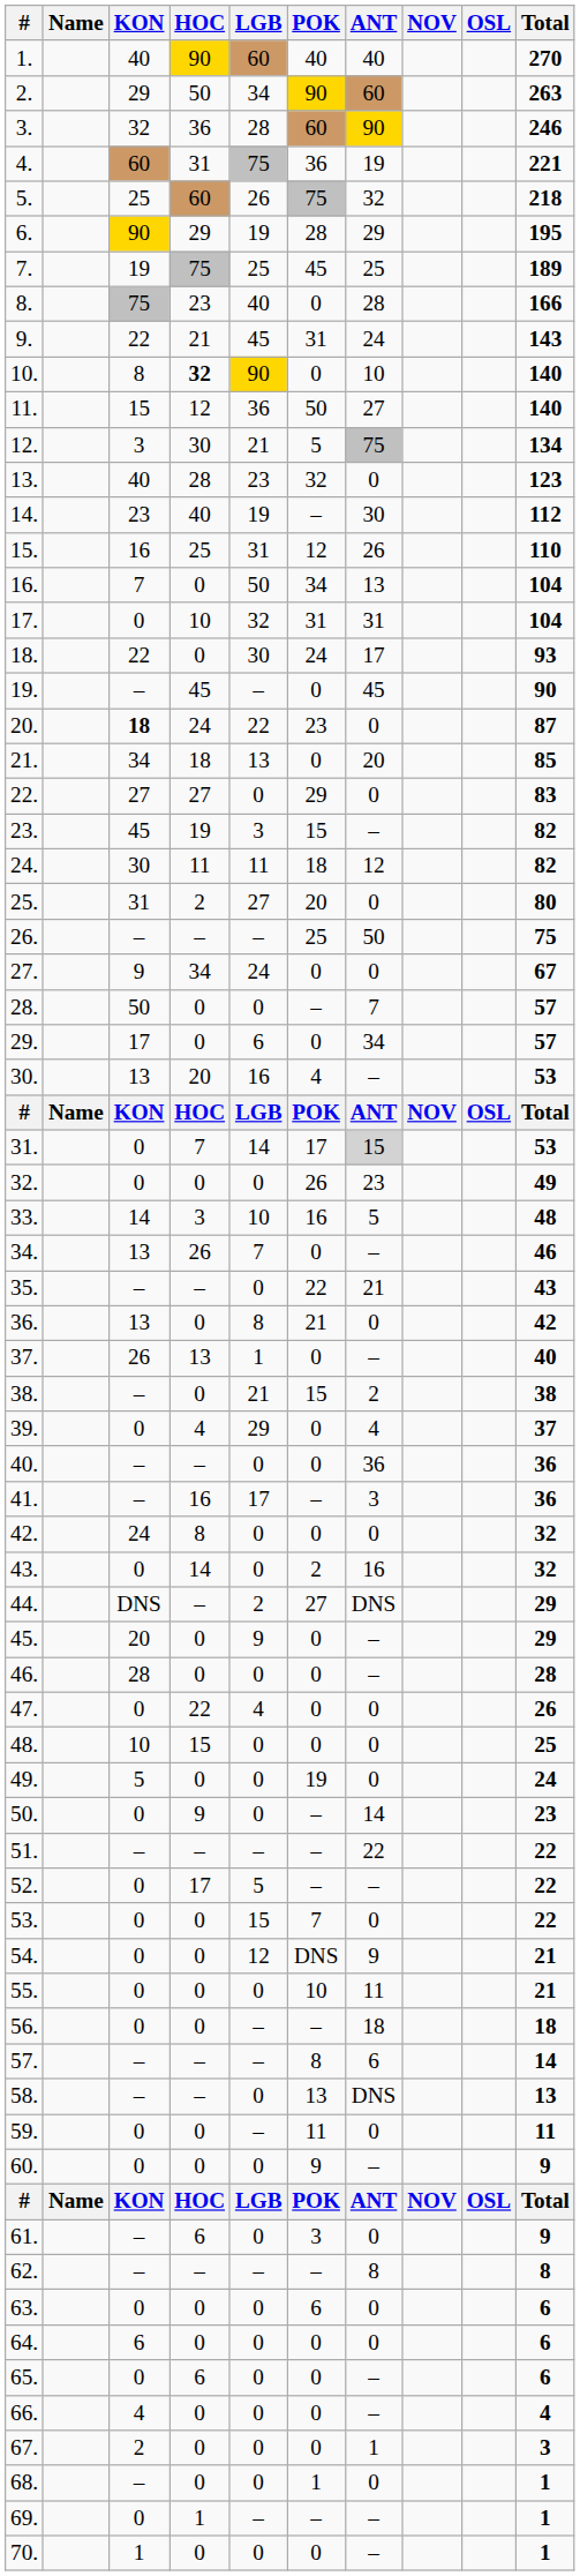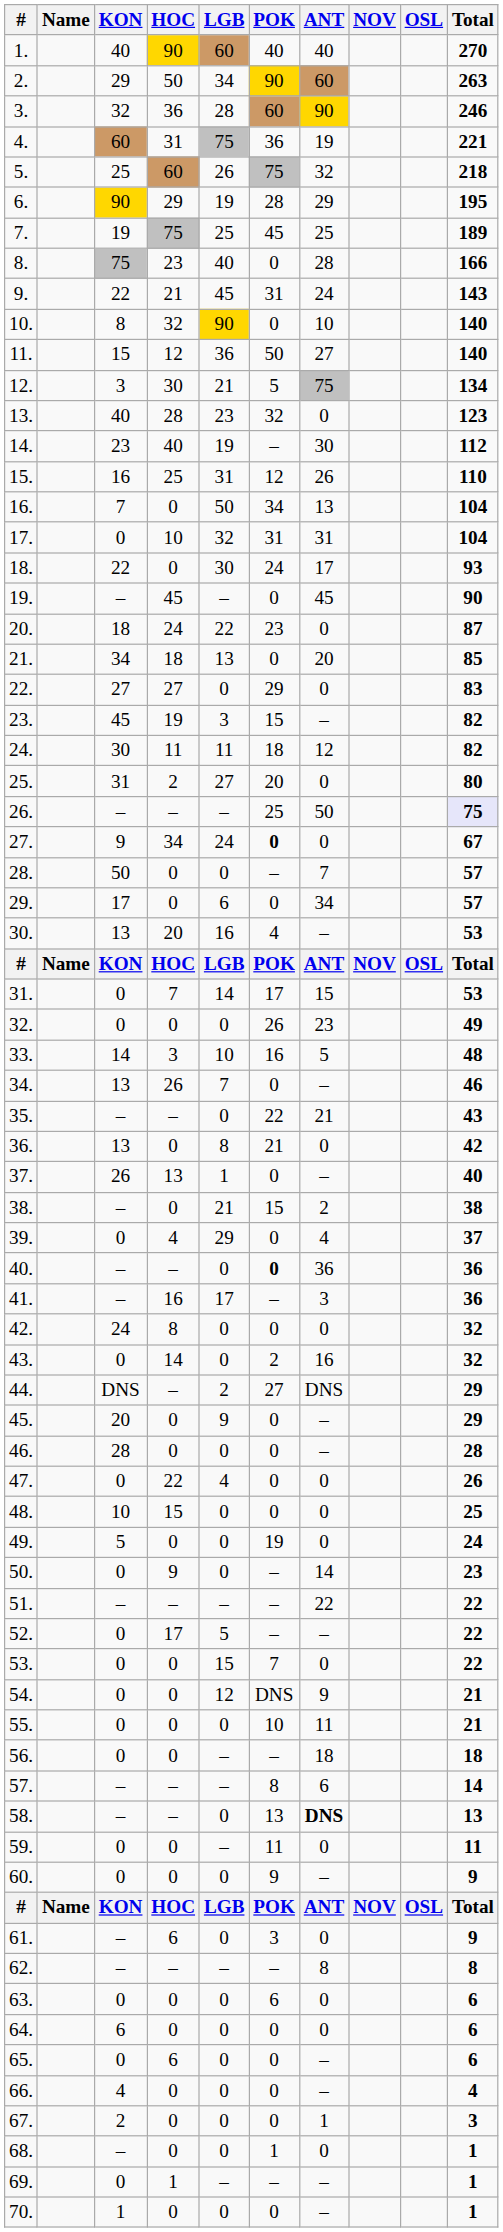 <table class="wikitable" style="text-align:center;">
 <tr>
 <th>#</th>
 <th>Name</th>
 <th><a href='#'>KON</a></th>
 <th><a href='#'>HOC</a></th>
 <th><a href='#'>LGB</a></th>
 <th><a href='#'>POK</a></th>
 <th><a href='#'>ANT</a></th>
 <th><a href='#'>NOV</a></th>
 <th><a href='#'>OSL</a></th>
 <th><strong>Total</strong></th>
 </tr>
 <tr>
 <td>1.</td>
 <td align="left"></td>
 <td>40</td>
 <td bgcolor="gold">90</td>
 <td bgcolor="CC9966">60</td>
 <td>40</td>
 <td>40</td>
 <td></td>
 <td></td>
 <td><strong>270</strong></td>
 </tr>
 <tr>
 <td>2.</td>
 <td align="left"></td>
 <td>29</td>
 <td>50</td>
 <td>34</td>
 <td bgcolor="gold">90</td>
 <td bgcolor="CC9966">60</td>
 <td></td>
 <td></td>
 <td><strong>263</strong></td>
 </tr>
 <tr>
 <td>3.</td>
 <td align="left"></td>
 <td>32</td>
 <td>36</td>
 <td>28</td>
 <td bgcolor="CC9966">60</td>
 <td bgcolor="gold">90</td>
 <td></td>
 <td></td>
 <td><strong>246</strong></td>
 </tr>
 <tr>
 <td>4.</td>
 <td align="left"></td>
 <td bgcolor="CC9966">60</td>
 <td>31</td>
 <td bgcolor="silver">75</td>
 <td>36</td>
 <td>19</td>
 <td></td>
 <td></td>
 <td><strong>221</strong></td>
 </tr>
 <tr>
 <td>5.</td>
 <td align="left"></td>
 <td>25</td>
 <td bgcolor="CC9966">60</td>
 <td>26</td>
 <td bgcolor="silver">75</td>
 <td>32</td>
 <td></td>
 <td></td>
 <td><strong>218</strong></td>
 </tr>
 <tr>
 <td>6.</td>
 <td align="left"></td>
 <td bgcolor="gold">90</td>
 <td>29</td>
 <td>19</td>
 <td>28</td>
 <td>29</td>
 <td></td>
 <td></td>
 <td><strong>195</strong></td>
 </tr>
 <tr>
 <td>7.</td>
 <td align="left"></td>
 <td>19</td>
 <td bgcolor="silver">75</td>
 <td>25</td>
 <td>45</td>
 <td>25</td>
 <td></td>
 <td></td>
 <td><strong>189</strong></td>
 </tr>
 <tr>
 <td>8.</td>
 <td align="left"></td>
 <td bgcolor="silver">75</td>
 <td>23</td>
 <td>40</td>
 <td>0</td>
 <td>28</td>
 <td></td>
 <td></td>
 <td><strong>166</strong></td>
 </tr>
 <tr>
 <td>9.</td>
 <td align="left"></td>
 <td>22</td>
 <td>21</td>
 <td>45</td>
 <td>31</td>
 <td>24</td>
 <td></td>
 <td></td>
 <td><strong>143</strong></td>
 </tr>
 <tr>
 <td>10.</td>
 <td align="left"></td>
 <td>8</td>
-<td><strong>32</strong></td>
+<td>32</td>
 <td bgcolor="gold">90</td>
 <td>0</td>
 <td>10</td>
 <td></td>
 <td></td>
 <td><strong>140</strong></td>
 </tr>
 <tr>
 <td>11.</td>
 <td align="left"></td>
 <td>15</td>
 <td>12</td>
 <td>36</td>
 <td>50</td>
 <td>27</td>
 <td></td>
 <td></td>
 <td><strong>140</strong></td>
 </tr>
 <tr>
 <td>12.</td>
 <td align="left"></td>
 <td>3</td>
 <td>30</td>
 <td>21</td>
 <td>5</td>
 <td bgcolor="silver">75</td>
 <td></td>
 <td></td>
 <td><strong>134</strong></td>
 </tr>
 <tr>
 <td>13.</td>
 <td align="left"></td>
 <td>40</td>
 <td>28</td>
 <td>23</td>
 <td>32</td>
 <td>0</td>
 <td></td>
 <td></td>
 <td><strong>123</strong></td>
 </tr>
 <tr>
 <td>14.</td>
 <td align="left"></td>
 <td>23</td>
 <td>40</td>
 <td>19</td>
 <td>–</td>
 <td>30</td>
 <td></td>
 <td></td>
 <td><strong>112</strong></td>
 </tr>
 <tr>
 <td>15.</td>
 <td align="left"></td>
 <td>16</td>
 <td>25</td>
 <td>31</td>
 <td>12</td>
 <td>26</td>
 <td></td>
 <td></td>
 <td><strong>110</strong></td>
 </tr>
 <tr>
 <td>16.</td>
 <td align="left"></td>
 <td>7</td>
 <td>0</td>
 <td>50</td>
 <td>34</td>
 <td>13</td>
 <td></td>
 <td></td>
 <td><strong>104</strong></td>
 </tr>
 <tr>
 <td>17.</td>
 <td align="left"></td>
 <td>0</td>
 <td>10</td>
 <td>32</td>
 <td>31</td>
 <td>31</td>
 <td></td>
 <td></td>
 <td><strong>104</strong></td>
 </tr>
 <tr>
 <td>18.</td>
 <td align="left"></td>
 <td>22</td>
 <td>0</td>
 <td>30</td>
 <td>24</td>
 <td>17</td>
 <td></td>
 <td></td>
 <td><strong>93</strong></td>
 </tr>
 <tr>
 <td>19.</td>
 <td align="left"></td>
 <td>–</td>
 <td>45</td>
 <td>–</td>
 <td>0</td>
 <td>45</td>
 <td></td>
 <td></td>
 <td><strong>90</strong></td>
 </tr>
 <tr>
 <td>20.</td>
 <td align="left"></td>
-<td><strong>18</strong></td>
+<td>18</td>
 <td>24</td>
 <td>22</td>
 <td>23</td>
 <td>0</td>
 <td></td>
 <td></td>
 <td><strong>87</strong></td>
 </tr>
 <tr>
 <td>21.</td>
 <td align="left"></td>
 <td>34</td>
 <td>18</td>
 <td>13</td>
 <td>0</td>
 <td>20</td>
 <td></td>
 <td></td>
 <td><strong>85</strong></td>
 </tr>
 <tr>
 <td>22.</td>
 <td align="left"></td>
 <td>27</td>
 <td>27</td>
 <td>0</td>
 <td>29</td>
 <td>0</td>
 <td></td>
 <td></td>
 <td><strong>83</strong></td>
 </tr>
 <tr>
 <td>23.</td>
 <td align="left"></td>
 <td>45</td>
 <td>19</td>
 <td>3</td>
 <td>15</td>
 <td>–</td>
 <td></td>
 <td></td>
 <td><strong>82</strong></td>
 </tr>
 <tr>
 <td>24.</td>
 <td align="left"></td>
 <td>30</td>
 <td>11</td>
 <td>11</td>
 <td>18</td>
 <td>12</td>
 <td></td>
 <td></td>
 <td><strong>82</strong></td>
 </tr>
 <tr>
 <td>25.</td>
 <td align="left"></td>
 <td>31</td>
 <td>2</td>
 <td>27</td>
 <td>20</td>
 <td>0</td>
 <td></td>
 <td></td>
 <td><strong>80</strong></td>
 </tr>
 <tr>
 <td>26.</td>
 <td align="left"></td>
 <td>–</td>
 <td>–</td>
 <td>–</td>
 <td>25</td>
 <td>50</td>
 <td></td>
 <td></td>
-<td><strong>75</strong></td>
+<td style="background: lavender;"><strong>75</strong></td>
 </tr>
 <tr>
 <td>27.</td>
 <td align="left"></td>
 <td>9</td>
 <td>34</td>
 <td>24</td>
-<td>0</td>
+<td><strong>0</strong></td>
 <td>0</td>
 <td></td>
 <td></td>
 <td><strong>67</strong></td>
 </tr>
 <tr>
 <td>28.</td>
 <td align="left"></td>
 <td>50</td>
 <td>0</td>
 <td>0</td>
 <td>–</td>
 <td>7</td>
 <td></td>
 <td></td>
 <td><strong>57</strong></td>
 </tr>
 <tr>
 <td>29.</td>
 <td align="left"></td>
 <td>17</td>
 <td>0</td>
 <td>6</td>
 <td>0</td>
 <td>34</td>
 <td></td>
 <td></td>
 <td><strong>57</strong></td>
 </tr>
 <tr>
 <td>30.</td>
 <td align="left"></td>
 <td>13</td>
 <td>20</td>
 <td>16</td>
 <td>4</td>
 <td>–</td>
 <td></td>
 <td></td>
 <td><strong>53</strong></td>
 </tr>
 <tr>
 <th>#</th>
 <th>Name</th>
 <th><a href='#'>KON</a></th>
 <th><a href='#'>HOC</a></th>
 <th><a href='#'>LGB</a></th>
 <th><a href='#'>POK</a></th>
 <th><a href='#'>ANT</a></th>
 <th><a href='#'>NOV</a></th>
 <th><a href='#'>OSL</a></th>
 <th><strong>Total</strong></th>
 </tr>
 <tr>
 <td>31.</td>
 <td align="left"></td>
 <td>0</td>
 <td>7</td>
 <td>14</td>
 <td>17</td>
-<td style="background: lightgrey;">15</td>
+<td>15</td>
 <td></td>
 <td></td>
 <td><strong>53</strong></td>
 </tr>
 <tr>
 <td>32.</td>
 <td align="left"></td>
 <td>0</td>
 <td>0</td>
 <td>0</td>
 <td>26</td>
 <td>23</td>
 <td></td>
 <td></td>
 <td><strong>49</strong></td>
 </tr>
 <tr>
 <td>33.</td>
 <td align="left"></td>
 <td>14</td>
 <td>3</td>
 <td>10</td>
 <td>16</td>
 <td>5</td>
 <td></td>
 <td></td>
 <td><strong>48</strong></td>
 </tr>
 <tr>
 <td>34.</td>
 <td align="left"></td>
 <td>13</td>
 <td>26</td>
 <td>7</td>
 <td>0</td>
 <td>–</td>
 <td></td>
 <td></td>
 <td><strong>46</strong></td>
 </tr>
 <tr>
 <td>35.</td>
 <td align="left"></td>
 <td>–</td>
 <td>–</td>
 <td>0</td>
 <td>22</td>
 <td>21</td>
 <td></td>
 <td></td>
 <td><strong>43</strong></td>
 </tr>
 <tr>
 <td>36.</td>
 <td align="left"></td>
 <td>13</td>
 <td>0</td>
 <td>8</td>
 <td>21</td>
 <td>0</td>
 <td></td>
 <td></td>
 <td><strong>42</strong></td>
 </tr>
 <tr>
 <td>37.</td>
 <td align="left"></td>
 <td>26</td>
 <td>13</td>
 <td>1</td>
 <td>0</td>
 <td>–</td>
 <td></td>
 <td></td>
 <td><strong>40</strong></td>
 </tr>
 <tr>
 <td>38.</td>
 <td align="left"></td>
 <td>–</td>
 <td>0</td>
 <td>21</td>
 <td>15</td>
 <td>2</td>
 <td></td>
 <td></td>
 <td><strong>38</strong></td>
 </tr>
 <tr>
 <td>39.</td>
 <td align="left"></td>
 <td>0</td>
 <td>4</td>
 <td>29</td>
 <td>0</td>
 <td>4</td>
 <td></td>
 <td></td>
 <td><strong>37</strong></td>
 </tr>
 <tr>
 <td>40.</td>
 <td align="left"></td>
 <td>–</td>
 <td>–</td>
 <td>0</td>
-<td>0</td>
+<td><strong>0</strong></td>
 <td>36</td>
 <td></td>
 <td></td>
 <td><strong>36</strong></td>
 </tr>
 <tr>
 <td>41.</td>
 <td align="left"></td>
 <td>–</td>
 <td>16</td>
 <td>17</td>
 <td>–</td>
 <td>3</td>
 <td></td>
 <td></td>
 <td><strong>36</strong></td>
 </tr>
 <tr>
 <td>42.</td>
 <td align="left"></td>
 <td>24</td>
 <td>8</td>
 <td>0</td>
 <td>0</td>
 <td>0</td>
 <td></td>
 <td></td>
 <td><strong>32</strong></td>
 </tr>
 <tr>
 <td>43.</td>
 <td align="left"></td>
 <td>0</td>
 <td>14</td>
 <td>0</td>
 <td>2</td>
 <td>16</td>
 <td></td>
 <td></td>
 <td><strong>32</strong></td>
 </tr>
 <tr>
 <td>44.</td>
 <td align="left"></td>
 <td>DNS</td>
 <td>–</td>
 <td>2</td>
 <td>27</td>
 <td>DNS</td>
 <td></td>
 <td></td>
 <td><strong>29</strong></td>
 </tr>
 <tr>
 <td>45.</td>
 <td align="left"></td>
 <td>20</td>
 <td>0</td>
 <td>9</td>
 <td>0</td>
 <td>–</td>
 <td></td>
 <td></td>
 <td><strong>29</strong></td>
 </tr>
 <tr>
 <td>46.</td>
 <td align="left"></td>
 <td>28</td>
 <td>0</td>
 <td>0</td>
 <td>0</td>
 <td>–</td>
 <td></td>
 <td></td>
 <td><strong>28</strong></td>
 </tr>
 <tr>
 <td>47.</td>
 <td align="left"></td>
 <td>0</td>
 <td>22</td>
 <td>4</td>
 <td>0</td>
 <td>0</td>
 <td></td>
 <td></td>
 <td><strong>26</strong></td>
 </tr>
 <tr>
 <td>48.</td>
 <td align="left"></td>
 <td>10</td>
 <td>15</td>
 <td>0</td>
 <td>0</td>
 <td>0</td>
 <td></td>
 <td></td>
 <td><strong>25</strong></td>
 </tr>
 <tr>
 <td>49.</td>
 <td align="left"></td>
 <td>5</td>
 <td>0</td>
 <td>0</td>
 <td>19</td>
 <td>0</td>
 <td></td>
 <td></td>
 <td><strong>24</strong></td>
 </tr>
 <tr>
 <td>50.</td>
 <td align="left"></td>
 <td>0</td>
 <td>9</td>
 <td>0</td>
 <td>–</td>
 <td>14</td>
 <td></td>
 <td></td>
 <td><strong>23</strong></td>
 </tr>
 <tr>
 <td>51.</td>
 <td align="left"></td>
 <td>–</td>
 <td>–</td>
 <td>–</td>
 <td>–</td>
 <td>22</td>
 <td></td>
 <td></td>
 <td><strong>22</strong></td>
 </tr>
 <tr>
 <td>52.</td>
 <td align="left"></td>
 <td>0</td>
 <td>17</td>
 <td>5</td>
 <td>–</td>
 <td>–</td>
 <td></td>
 <td></td>
 <td><strong>22</strong></td>
 </tr>
 <tr>
 <td>53.</td>
 <td align="left"></td>
 <td>0</td>
 <td>0</td>
 <td>15</td>
 <td>7</td>
 <td>0</td>
 <td></td>
 <td></td>
 <td><strong>22</strong></td>
 </tr>
 <tr>
 <td>54.</td>
 <td align="left"></td>
 <td>0</td>
 <td>0</td>
 <td>12</td>
 <td>DNS</td>
 <td>9</td>
 <td></td>
 <td></td>
 <td><strong>21</strong></td>
 </tr>
 <tr>
 <td>55.</td>
 <td align="left"></td>
 <td>0</td>
 <td>0</td>
 <td>0</td>
 <td>10</td>
 <td>11</td>
 <td></td>
 <td></td>
 <td><strong>21</strong></td>
 </tr>
 <tr>
 <td>56.</td>
 <td align="left"></td>
 <td>0</td>
 <td>0</td>
 <td>–</td>
 <td>–</td>
 <td>18</td>
 <td></td>
 <td></td>
 <td><strong>18</strong></td>
 </tr>
 <tr>
 <td>57.</td>
 <td align="left"></td>
 <td>–</td>
 <td>–</td>
 <td>–</td>
 <td>8</td>
 <td>6</td>
 <td></td>
 <td></td>
 <td><strong>14</strong></td>
 </tr>
 <tr>
 <td>58.</td>
 <td align="left"></td>
 <td>–</td>
 <td>–</td>
 <td>0</td>
 <td>13</td>
-<td>DNS</td>
+<td><strong>DNS</strong></td>
 <td></td>
 <td></td>
 <td><strong>13</strong></td>
 </tr>
 <tr>
 <td>59.</td>
 <td align="left"></td>
 <td>0</td>
 <td>0</td>
 <td>–</td>
 <td>11</td>
 <td>0</td>
 <td></td>
 <td></td>
 <td><strong>11</strong></td>
 </tr>
 <tr>
 <td>60.</td>
 <td align="left"></td>
 <td>0</td>
 <td>0</td>
 <td>0</td>
 <td>9</td>
 <td>–</td>
 <td></td>
 <td></td>
 <td><strong>9</strong></td>
 </tr>
 <tr>
 <th>#</th>
 <th>Name</th>
 <th><a href='#'>KON</a></th>
 <th><a href='#'>HOC</a></th>
 <th><a href='#'>LGB</a></th>
 <th><a href='#'>POK</a></th>
 <th><a href='#'>ANT</a></th>
 <th><a href='#'>NOV</a></th>
 <th><a href='#'>OSL</a></th>
 <th><strong>Total</strong></th>
 </tr>
 <tr>
 <td>61.</td>
 <td align="left"></td>
 <td>–</td>
 <td>6</td>
 <td>0</td>
 <td>3</td>
 <td>0</td>
 <td></td>
 <td></td>
 <td><strong>9</strong></td>
 </tr>
 <tr>
 <td>62.</td>
 <td align="left"></td>
 <td>–</td>
 <td>–</td>
 <td>–</td>
 <td>–</td>
 <td>8</td>
 <td></td>
 <td></td>
 <td><strong>8</strong></td>
 </tr>
 <tr>
 <td>63.</td>
 <td align="left"></td>
 <td>0</td>
 <td>0</td>
 <td>0</td>
 <td>6</td>
 <td>0</td>
 <td></td>
 <td></td>
 <td><strong>6</strong></td>
 </tr>
 <tr>
 <td>64.</td>
 <td align="left"></td>
 <td>6</td>
 <td>0</td>
 <td>0</td>
 <td>0</td>
 <td>0</td>
 <td></td>
 <td></td>
 <td><strong>6</strong></td>
 </tr>
 <tr>
 <td>65.</td>
 <td align="left"></td>
 <td>0</td>
 <td>6</td>
 <td>0</td>
 <td>0</td>
 <td>–</td>
 <td></td>
 <td></td>
 <td><strong>6</strong></td>
 </tr>
 <tr>
 <td>66.</td>
 <td align="left"></td>
 <td>4</td>
 <td>0</td>
 <td>0</td>
 <td>0</td>
 <td>–</td>
 <td></td>
 <td></td>
 <td><strong>4</strong></td>
 </tr>
 <tr>
 <td>67.</td>
 <td align="left"></td>
 <td>2</td>
 <td>0</td>
 <td>0</td>
 <td>0</td>
 <td>1</td>
 <td></td>
 <td></td>
 <td><strong>3</strong></td>
 </tr>
 <tr>
 <td>68.</td>
 <td align="left"></td>
 <td>–</td>
 <td>0</td>
 <td>0</td>
 <td>1</td>
 <td>0</td>
 <td></td>
 <td></td>
 <td><strong>1</strong></td>
 </tr>
 <tr>
 <td>69.</td>
 <td align="left"></td>
 <td>0</td>
 <td>1</td>
 <td>–</td>
 <td>–</td>
 <td>–</td>
 <td></td>
 <td></td>
 <td><strong>1</strong></td>
 </tr>
 <tr>
 <td>70.</td>
 <td align="left"></td>
 <td>1</td>
 <td>0</td>
 <td>0</td>
 <td>0</td>
 <td>–</td>
 <td></td>
 <td></td>
 <td><strong>1</strong></td>
 </tr>
 </table>
